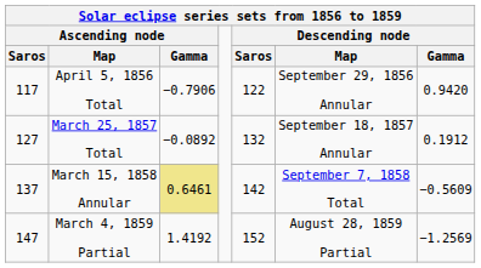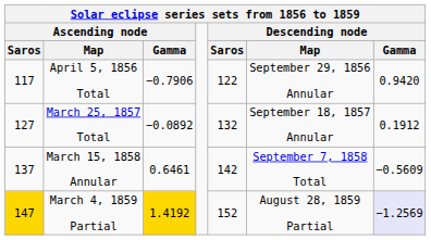 <table class="wikitable mw-collapsible mw-collapsed">
 <tr>
 <th class="nowrap" colspan="7"><a href='#'>Solar eclipse</a> series sets from 1856 to 1859</th>
 </tr>
 <tr>
 <th scope="col" colspan="3">Ascending node</th>
 <td rowspan="6"> </td>
 <th scope="col" colspan="3">Descending node</th>
 </tr>
 <tr style="text-align: center;">
 <th scope="col">Saros</th>
 <th scope="col">Map</th>
 <th scope="col">Gamma</th>
 <th scope="col">Saros</th>
 <th scope="col">Map</th>
 <th scope="col">Gamma</th>
 </tr>
 <tr style="text-align: center;">
 <td>117</td>
 <td>April 5, 1856<br><br>Total</td>
 <td>−0.7906</td>
 <td>122</td>
 <td>September 29, 1856<br><br>Annular</td>
 <td>0.9420</td>
 </tr>
 <tr style="text-align: center;">
 <td>127</td>
 <td><a href='#'>March 25, 1857</a><br><br>Total</td>
 <td>−0.0892</td>
 <td>132</td>
 <td>September 18, 1857<br><br>Annular</td>
 <td>0.1912</td>
 </tr>
 <tr style="text-align: center;">
 <td>137</td>
 <td>March 15, 1858<br><br>Annular</td>
-<td style="background: khaki;">0.6461</td>
+<td>0.6461</td>
 <td>142</td>
 <td><a href='#'>September 7, 1858</a><br><br>Total</td>
 <td>−0.5609</td>
 </tr>
 <tr style="text-align: center;">
-<td>147</td>
+<td style="background: gold;">147</td>
 <td>March 4, 1859<br><br>Partial</td>
-<td>1.4192</td>
+<td style="background: gold;">1.4192</td>
 <td>152</td>
 <td>August 28, 1859<br><br>Partial</td>
-<td>−1.2569</td>
+<td style="background: lavender;">−1.2569</td>
 </tr>
 </table>
